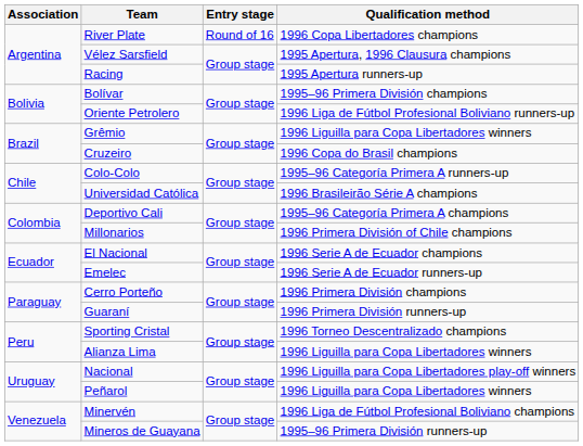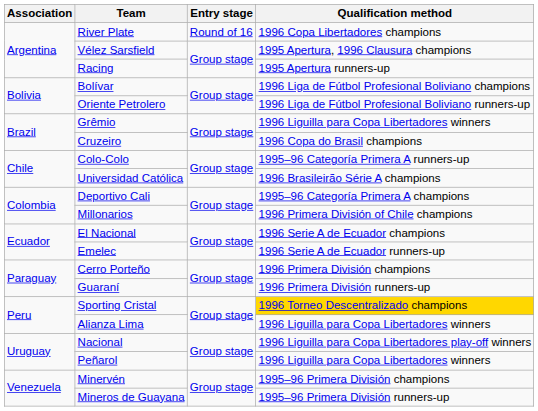 <table class="wikitable">
 <tr>
 <th>Association</th>
 <th>Team </th>
 <th>Entry stage</th>
 <th>Qualification method</th>
 </tr>
 <tr>
 <td rowspan=3> <a href='#'>Argentina</a><br></td>
 <td><a href='#'>River Plate</a> </td>
 <td><a href='#'>Round of 16</a></td>
 <td><a href='#'>1996 Copa Libertadores</a> champions</td>
 </tr>
 <tr>
 <td><a href='#'>Vélez Sarsfield</a> </td>
 <td rowspan=2><a href='#'>Group stage</a></td>
 <td><a href='#'>1995 Apertura</a>, <a href='#'>1996 Clausura</a> champions</td>
 </tr>
 <tr>
 <td><a href='#'>Racing</a> </td>
 <td><a href='#'>1995 Apertura</a> runners-up</td>
 </tr>
 <tr>
 <td rowspan=2> <a href='#'>Bolivia</a><br></td>
 <td><a href='#'>Bolívar</a> </td>
 <td rowspan=2><a href='#'>Group stage</a></td>
-<td><a href='#'>1995–96 Primera División</a> champions</td>
+<td><a href='#'>1996 Liga de Fútbol Profesional Boliviano</a> champions</td>
 </tr>
 <tr>
 <td><a href='#'>Oriente Petrolero</a> </td>
 <td><a href='#'>1996 Liga de Fútbol Profesional Boliviano</a> runners-up</td>
 </tr>
 <tr>
 <td rowspan=2> <a href='#'>Brazil</a><br></td>
 <td><a href='#'>Grêmio</a> </td>
 <td rowspan=2><a href='#'>Group stage</a></td>
 <td><a href='#'>1996 Liguilla para Copa Libertadores</a> winners</td>
 </tr>
 <tr>
 <td><a href='#'>Cruzeiro</a> </td>
 <td><a href='#'>1996 Copa do Brasil</a> champions</td>
 </tr>
 <tr>
 <td rowspan=2> <a href='#'>Chile</a><br></td>
 <td><a href='#'>Colo-Colo</a> </td>
 <td rowspan=2><a href='#'>Group stage</a></td>
 <td><a href='#'>1995–96 Categoría Primera A</a> runners-up</td>
 </tr>
 <tr>
 <td><a href='#'>Universidad Católica</a> </td>
 <td><a href='#'>1996 Brasileirão Série A</a> champions</td>
 </tr>
 <tr>
 <td rowspan=2> <a href='#'>Colombia</a><br></td>
 <td><a href='#'>Deportivo Cali</a> </td>
 <td rowspan=2><a href='#'>Group stage</a></td>
 <td><a href='#'>1995–96 Categoría Primera A</a> champions</td>
 </tr>
 <tr>
 <td><a href='#'>Millonarios</a> </td>
 <td><a href='#'>1996 Primera División of Chile</a> champions</td>
 </tr>
 <tr>
 <td rowspan=2> <a href='#'>Ecuador</a><br></td>
 <td><a href='#'>El Nacional</a> </td>
 <td rowspan=2><a href='#'>Group stage</a></td>
 <td><a href='#'>1996 Serie A de Ecuador</a> champions</td>
 </tr>
 <tr>
 <td><a href='#'>Emelec</a> </td>
 <td><a href='#'>1996 Serie A de Ecuador</a> runners-up</td>
 </tr>
 <tr>
 <td rowspan=2> <a href='#'>Paraguay</a><br></td>
 <td><a href='#'>Cerro Porteño</a> </td>
 <td rowspan=2><a href='#'>Group stage</a></td>
 <td><a href='#'>1996 Primera División</a> champions</td>
 </tr>
 <tr>
 <td><a href='#'>Guaraní</a> </td>
 <td><a href='#'>1996 Primera División</a> runners-up</td>
 </tr>
 <tr>
 <td rowspan=2> <a href='#'>Peru</a><br></td>
 <td><a href='#'>Sporting Cristal</a> </td>
 <td rowspan=2><a href='#'>Group stage</a></td>
-<td><a href='#'>1996 Torneo Descentralizado</a> champions</td>
+<td style="background: gold;"><a href='#'>1996 Torneo Descentralizado</a> champions</td>
 </tr>
 <tr>
 <td><a href='#'>Alianza Lima</a> </td>
 <td><a href='#'>1996 Liguilla para Copa Libertadores</a> winners</td>
 </tr>
 <tr>
 <td rowspan=2> <a href='#'>Uruguay</a><br></td>
 <td><a href='#'>Nacional</a> </td>
 <td rowspan=2><a href='#'>Group stage</a></td>
 <td><a href='#'>1996 Liguilla para Copa Libertadores play-off</a> winners</td>
 </tr>
 <tr>
 <td><a href='#'>Peñarol</a> </td>
 <td><a href='#'>1996 Liguilla para Copa Libertadores</a> winners</td>
 </tr>
 <tr>
 <td rowspan=2> <a href='#'>Venezuela</a><br></td>
 <td><a href='#'>Minervén</a> </td>
 <td rowspan=2><a href='#'>Group stage</a></td>
-<td><a href='#'>1996 Liga de Fútbol Profesional Boliviano</a> champions</td>
+<td><a href='#'>1995–96 Primera División</a> champions</td>
 </tr>
 <tr>
 <td><a href='#'>Mineros de Guayana</a> </td>
 <td><a href='#'>1995–96 Primera División</a> runners-up</td>
 </tr>
 </table>
